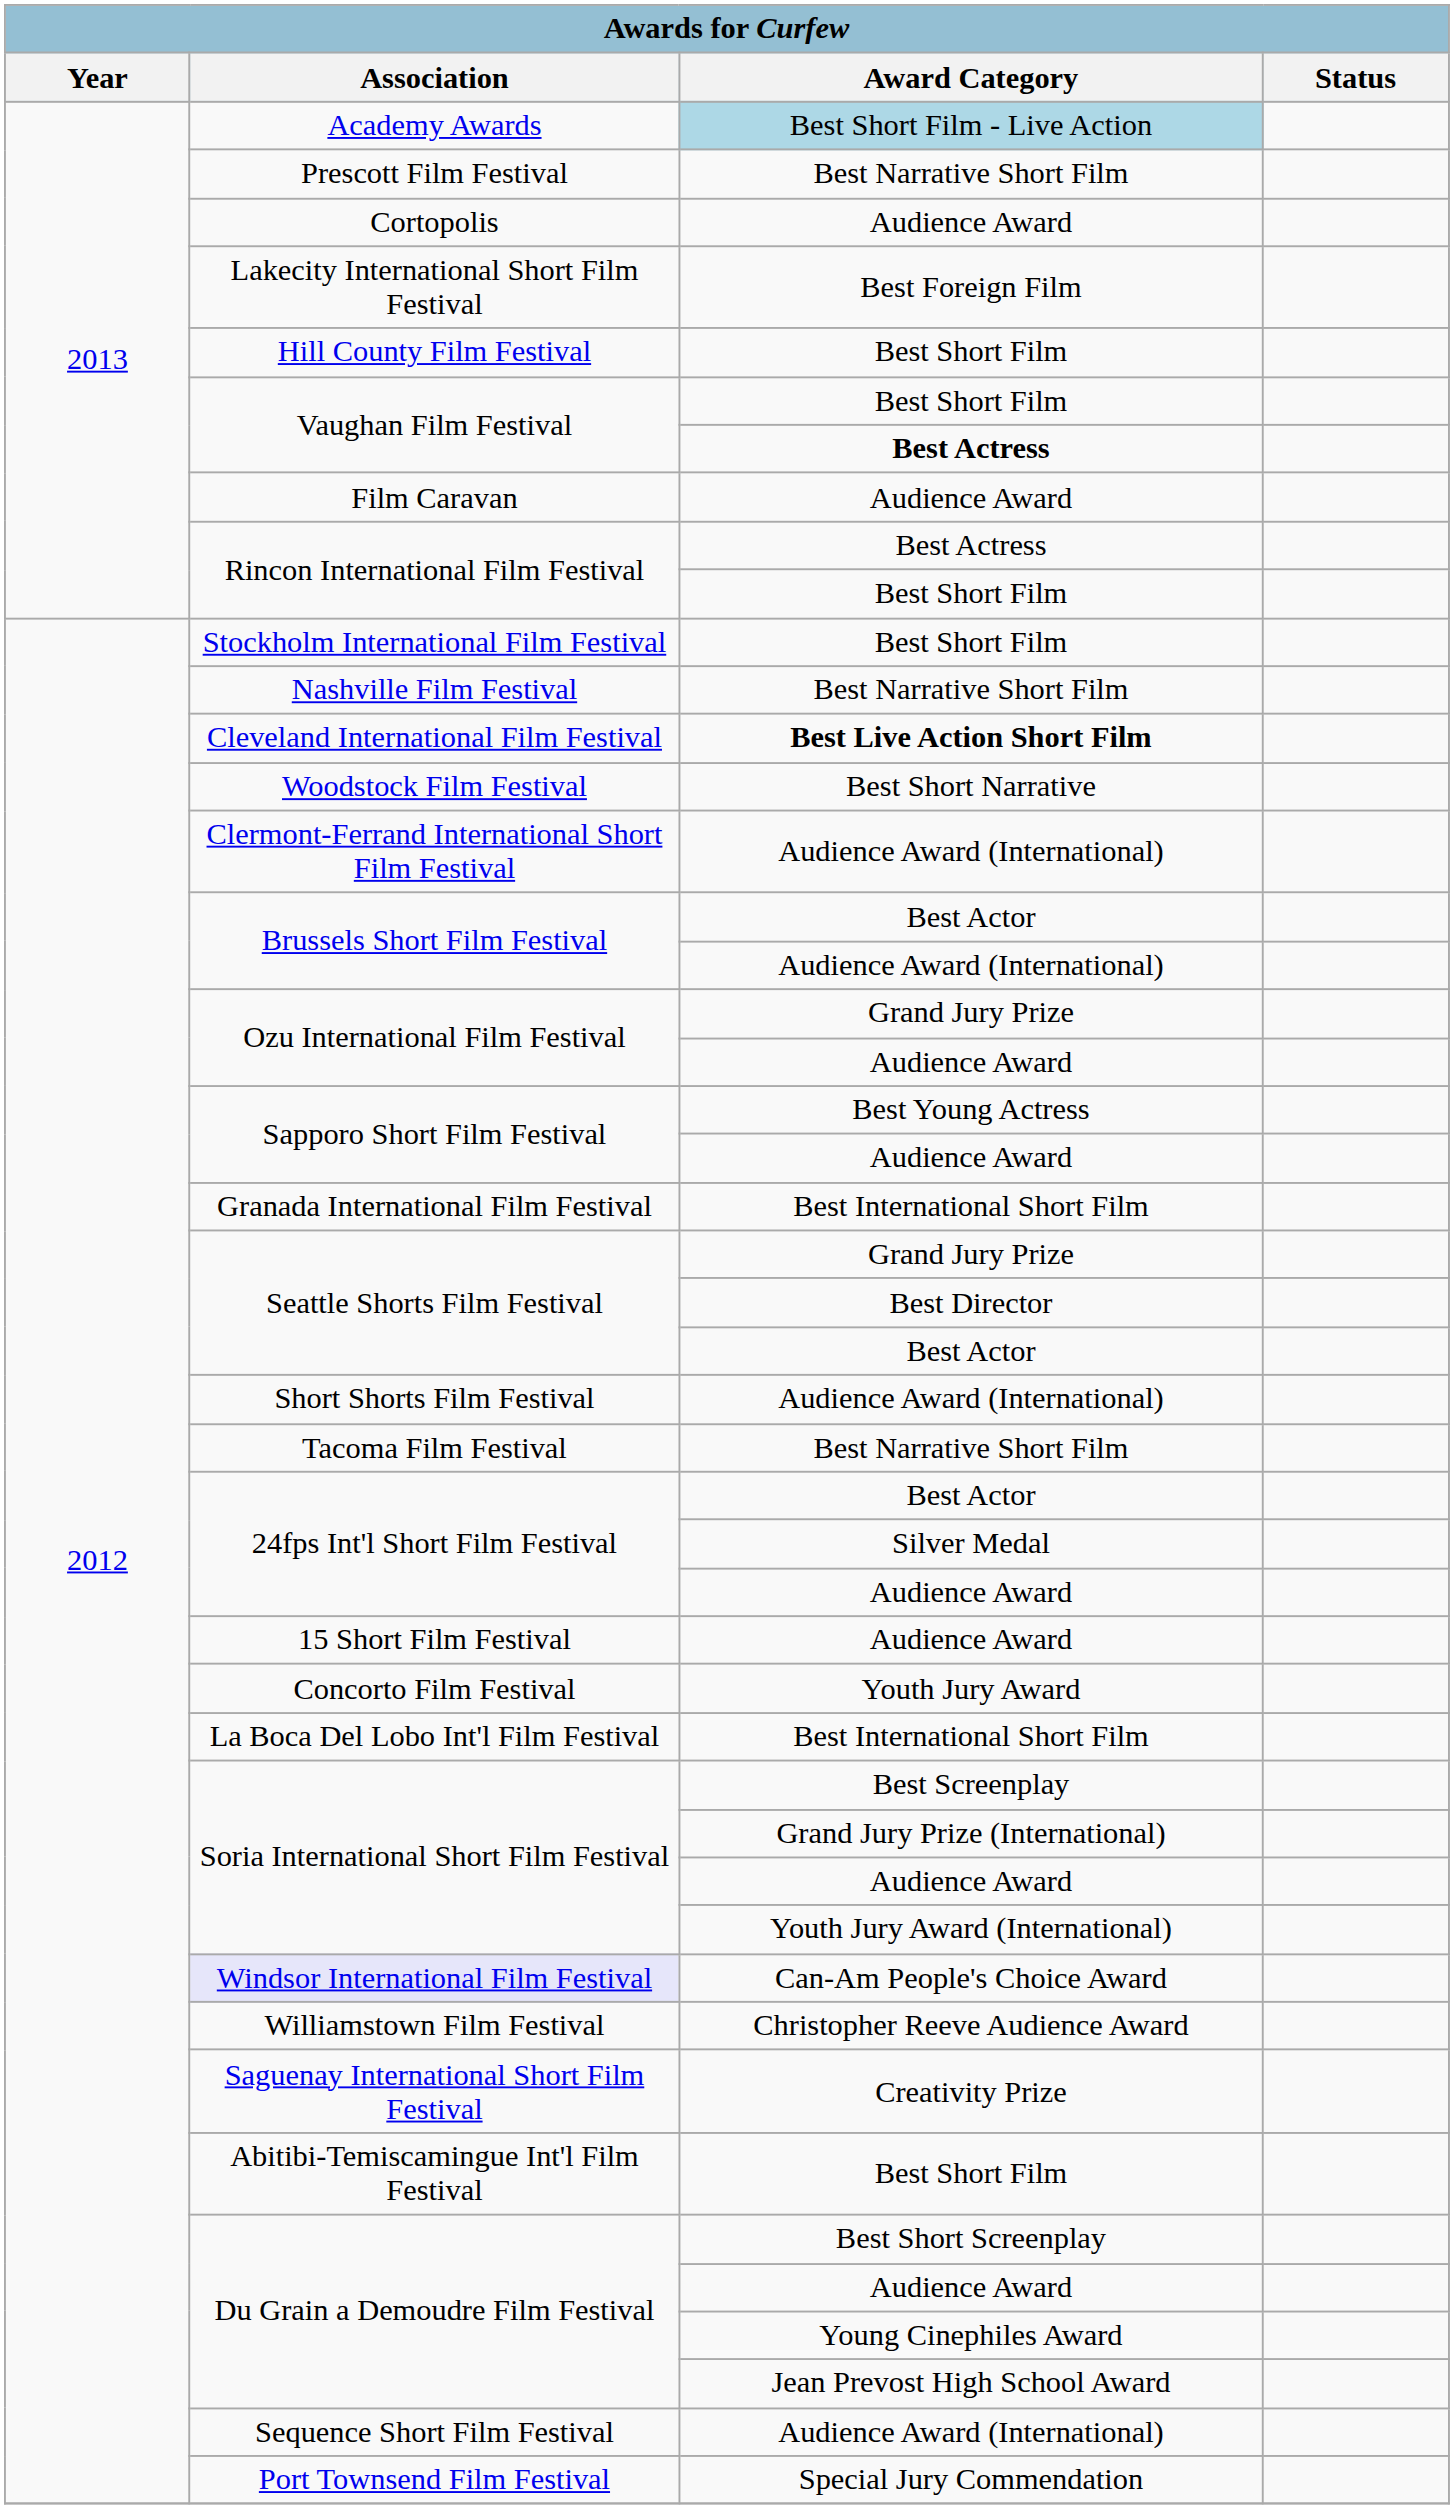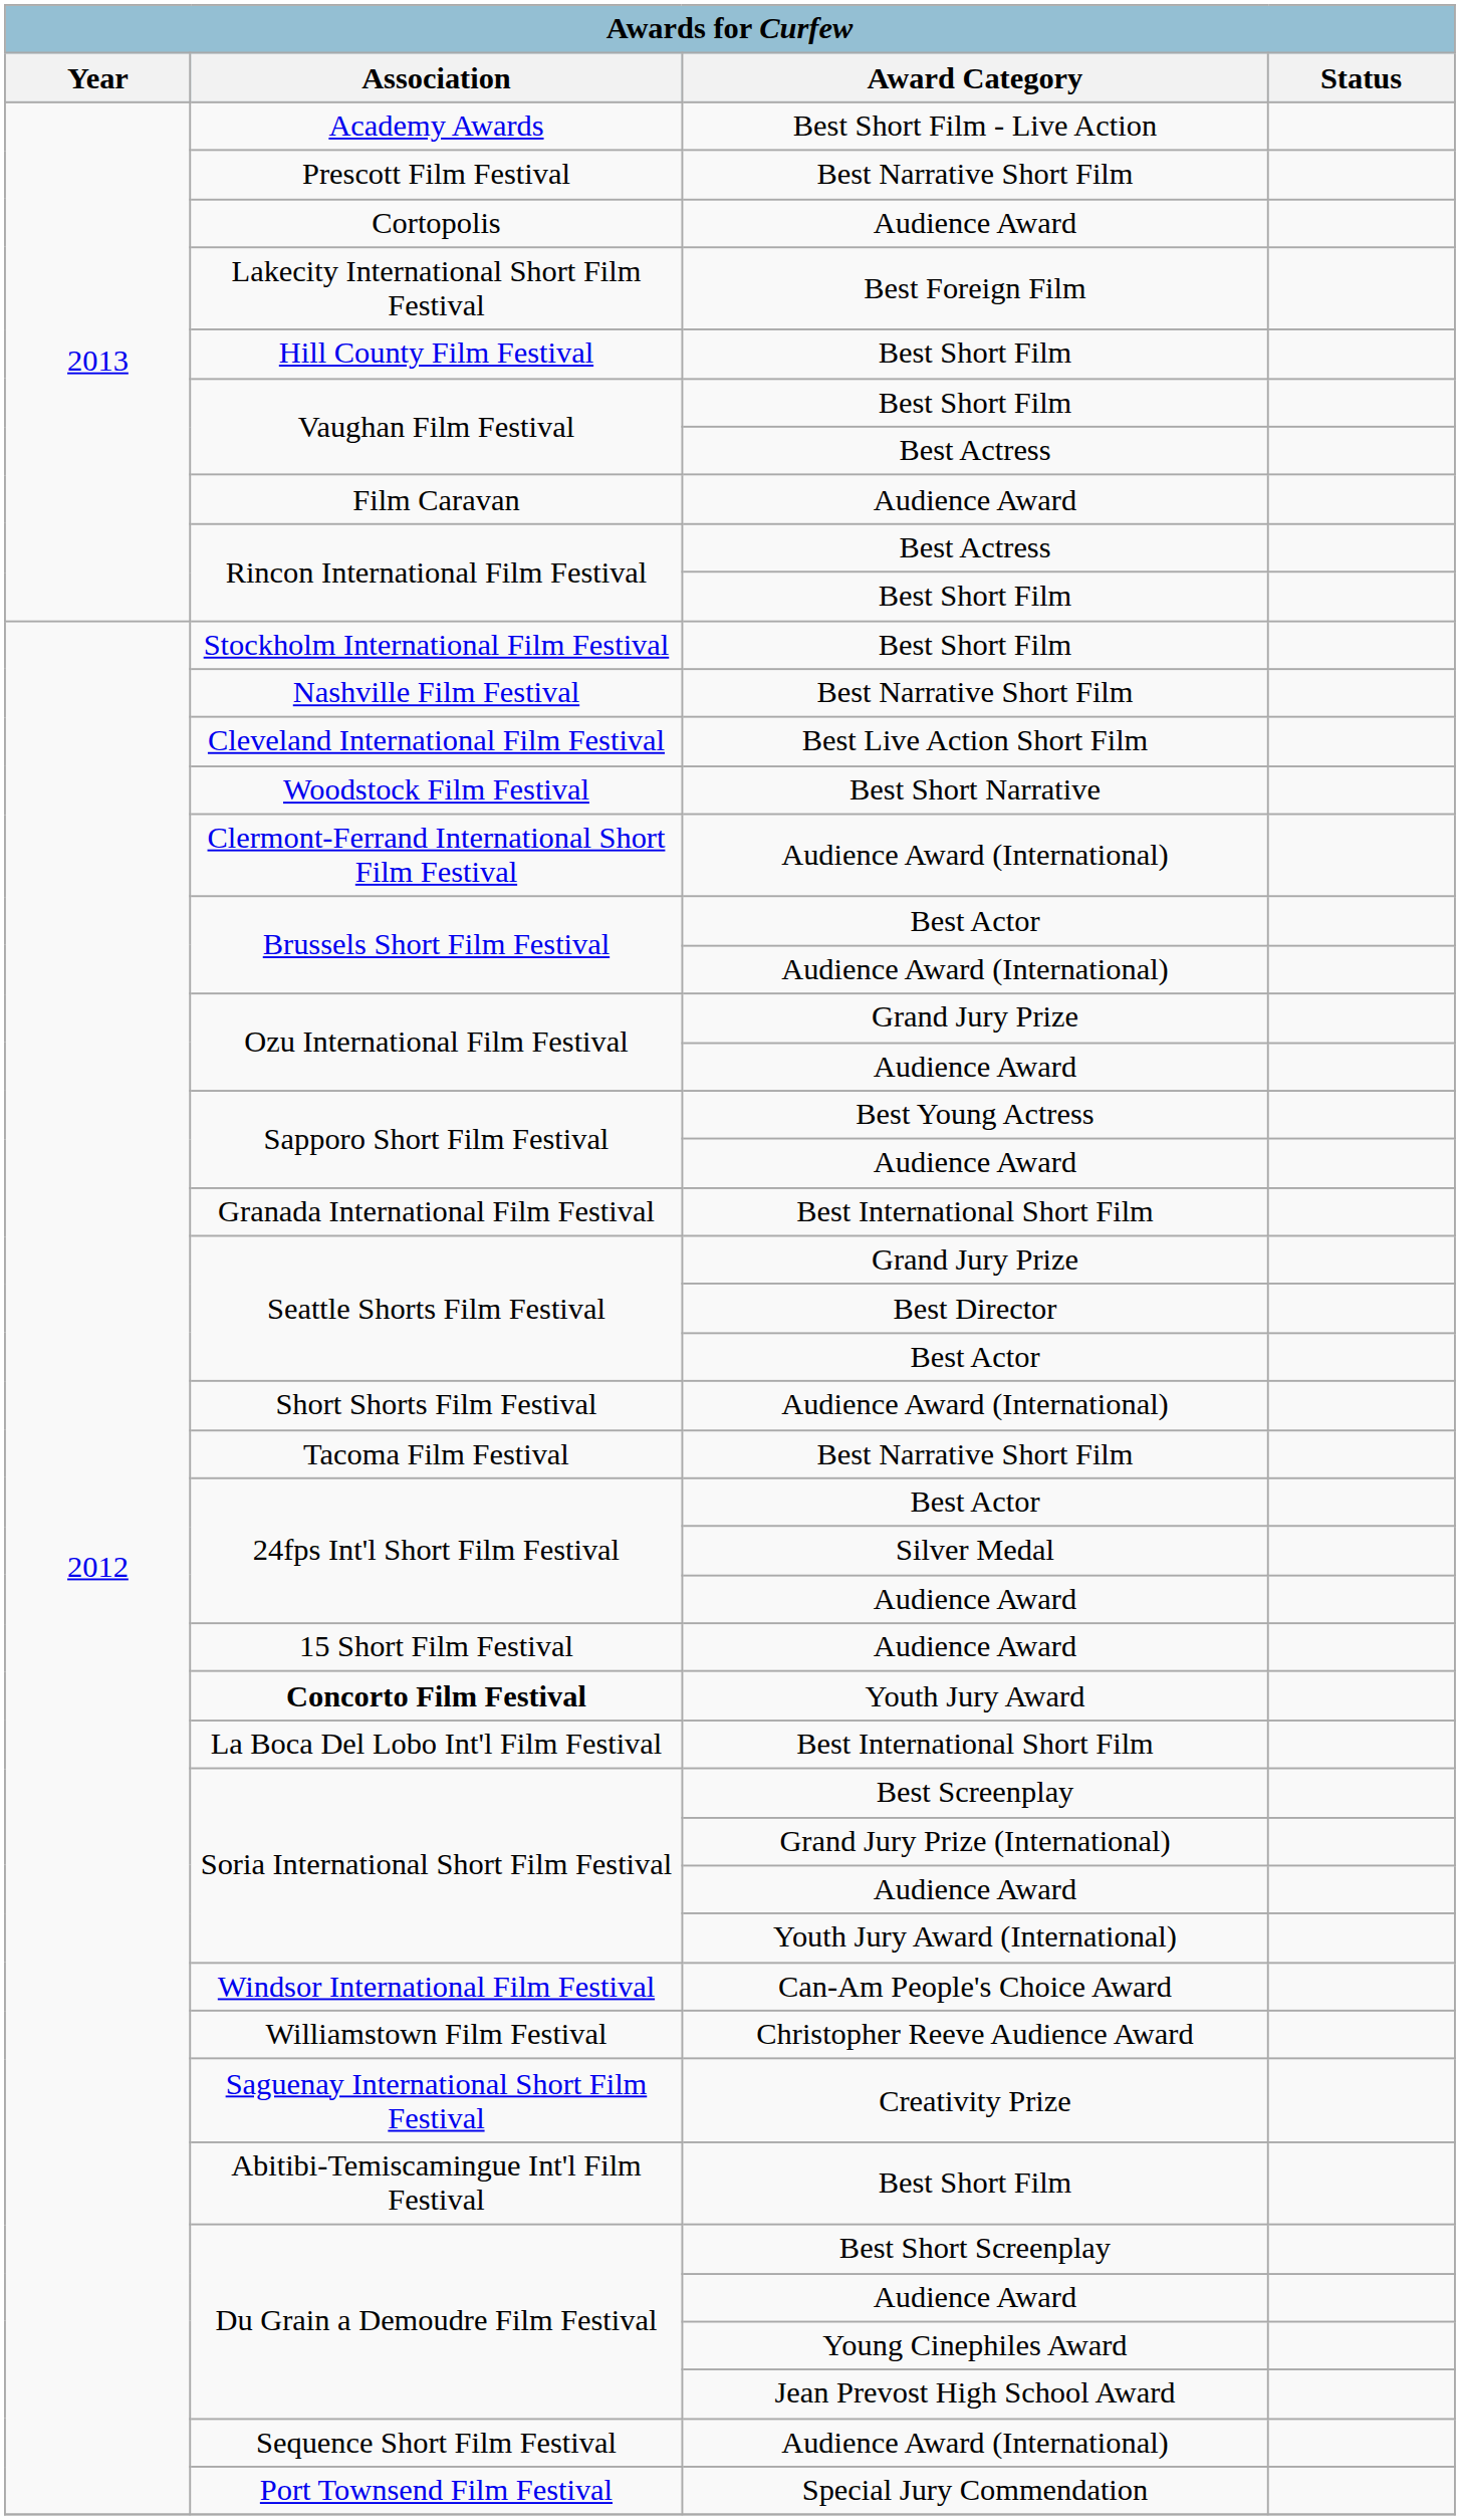 <table class="wikitable" style="text-align: center">
 <tr ---- bgcolor="#94bfd3">
 <td colspan=4 align=center><strong>Awards for <em>Curfew</em> </strong></td>
 </tr>
 <tr ---- bgcolor="#94bfd3">
 <th width="90"><strong>Year</strong></th>
 <th width="250"><strong>Association</strong></th>
 <th width="300"><strong>Award Category</strong></th>
 <th width="90"><strong>Status</strong></th>
 </tr>
 <tr>
 <td rowspan=10><a href='#'>2013</a></td>
 <td><a href='#'>Academy Awards</a></td>
-<td style="background: lightblue;">Best Short Film - Live Action</td>
+<td>Best Short Film - Live Action</td>
 <td></td>
 </tr>
 <tr>
 <td>Prescott Film Festival</td>
 <td>Best Narrative Short Film</td>
 <td></td>
 </tr>
 <tr>
 <td>Cortopolis</td>
 <td>Audience Award</td>
 <td></td>
 </tr>
 <tr>
 <td>Lakecity International Short Film Festival</td>
 <td>Best Foreign Film</td>
 <td></td>
 </tr>
 <tr>
 <td><a href='#'>Hill County Film Festival</a></td>
 <td>Best Short Film</td>
 <td></td>
 </tr>
 <tr>
 <td rowspan="2">Vaughan Film Festival</td>
 <td>Best Short Film</td>
 <td></td>
 </tr>
 <tr>
-<td><strong>Best Actress</strong></td>
+<td>Best Actress</td>
 <td></td>
 </tr>
 <tr>
 <td>Film Caravan</td>
 <td>Audience Award</td>
 <td></td>
 </tr>
 <tr>
 <td rowspan="2">Rincon International Film Festival</td>
 <td>Best Actress</td>
 <td></td>
 </tr>
 <tr>
 <td>Best Short Film</td>
 <td></td>
 </tr>
 <tr>
 <td rowspan=37><a href='#'>2012</a></td>
 <td><a href='#'>Stockholm International Film Festival</a></td>
 <td>Best Short Film</td>
 <td></td>
 </tr>
 <tr>
 <td><a href='#'>Nashville Film Festival</a></td>
 <td>Best Narrative Short Film</td>
 <td></td>
 </tr>
 <tr>
 <td><a href='#'>Cleveland International Film Festival</a></td>
-<td><strong>Best Live Action Short Film</strong></td>
+<td>Best Live Action Short Film</td>
 <td></td>
 </tr>
 <tr>
 <td><a href='#'>Woodstock Film Festival</a></td>
 <td>Best Short Narrative</td>
 <td></td>
 </tr>
 <tr>
 <td><a href='#'>Clermont-Ferrand International Short Film Festival</a></td>
 <td>Audience Award (International)</td>
 <td></td>
 </tr>
 <tr>
 <td rowspan="2"><a href='#'>Brussels Short Film Festival</a></td>
 <td>Best Actor</td>
 <td></td>
 </tr>
 <tr>
 <td>Audience Award (International)</td>
 <td></td>
 </tr>
 <tr>
 <td rowspan="2">Ozu International Film Festival</td>
 <td>Grand Jury Prize</td>
 <td></td>
 </tr>
 <tr>
 <td>Audience Award</td>
 <td></td>
 </tr>
 <tr>
 <td rowspan="2">Sapporo Short Film Festival</td>
 <td>Best Young Actress</td>
 <td></td>
 </tr>
 <tr>
 <td>Audience Award</td>
 <td></td>
 </tr>
 <tr>
 <td>Granada International Film Festival</td>
 <td>Best International Short Film</td>
 <td></td>
 </tr>
 <tr>
 <td rowspan="3">Seattle Shorts Film Festival</td>
 <td>Grand Jury Prize</td>
 <td></td>
 </tr>
 <tr>
 <td>Best Director</td>
 <td></td>
 </tr>
 <tr>
 <td>Best Actor</td>
 <td></td>
 </tr>
 <tr>
 <td>Short Shorts Film Festival</td>
 <td>Audience Award (International)</td>
 <td></td>
 </tr>
 <tr>
 <td>Tacoma Film Festival</td>
 <td>Best Narrative Short Film</td>
 <td></td>
 </tr>
 <tr>
 <td rowspan="3">24fps Int'l Short Film Festival</td>
 <td>Best Actor</td>
 <td></td>
 </tr>
 <tr>
 <td>Silver Medal</td>
 <td></td>
 </tr>
 <tr>
 <td>Audience Award</td>
 <td></td>
 </tr>
 <tr>
 <td>15 Short Film Festival</td>
 <td>Audience Award</td>
 <td></td>
 </tr>
 <tr>
-<td>Concorto Film Festival</td>
+<td><strong>Concorto Film Festival</strong></td>
 <td>Youth Jury Award</td>
 <td></td>
 </tr>
 <tr>
 <td>La Boca Del Lobo Int'l Film Festival</td>
 <td>Best International Short Film</td>
 <td></td>
 </tr>
 <tr>
 <td rowspan="4">Soria International Short Film Festival</td>
 <td>Best Screenplay</td>
 <td></td>
 </tr>
 <tr>
 <td>Grand Jury Prize (International)</td>
 <td></td>
 </tr>
 <tr>
 <td>Audience Award</td>
 <td></td>
 </tr>
 <tr>
 <td>Youth Jury Award (International)</td>
 <td></td>
 </tr>
 <tr>
-<td style="background: lavender;"><a href='#'>Windsor International Film Festival</a></td>
+<td><a href='#'>Windsor International Film Festival</a></td>
 <td>Can-Am People's Choice Award</td>
 <td></td>
 </tr>
 <tr>
 <td>Williamstown Film Festival</td>
 <td>Christopher Reeve Audience Award</td>
 <td></td>
 </tr>
 <tr>
 <td><a href='#'>Saguenay International Short Film Festival</a></td>
 <td>Creativity Prize</td>
 <td></td>
 </tr>
 <tr>
 <td>Abitibi-Temiscamingue Int'l Film Festival</td>
 <td>Best Short Film</td>
 <td></td>
 </tr>
 <tr>
 <td rowspan="4">Du Grain a Demoudre Film Festival</td>
 <td>Best Short Screenplay</td>
 <td></td>
 </tr>
 <tr>
 <td>Audience Award</td>
 <td></td>
 </tr>
 <tr>
 <td>Young Cinephiles Award</td>
 <td></td>
 </tr>
 <tr>
 <td>Jean Prevost High School Award</td>
 <td></td>
 </tr>
 <tr>
 <td>Sequence Short Film Festival</td>
 <td>Audience Award (International)</td>
 <td></td>
 </tr>
 <tr>
 <td><a href='#'>Port Townsend Film Festival</a></td>
 <td>Special Jury Commendation</td>
 <td></td>
 </tr>
 <tr>
 </tr>
 </table>
